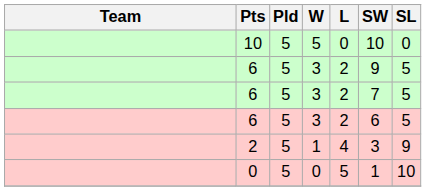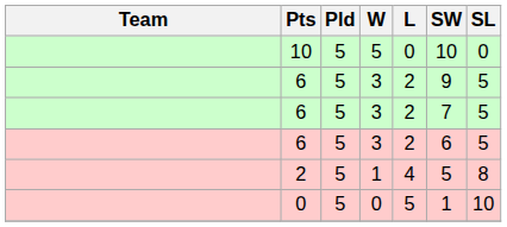 <table class=wikitable style="text-align:center">
 <tr>
 <th width=220>Team</th>
 <th width=20>Pts</th>
 <th width=20>Pld</th>
 <th width=20>W</th>
 <th width=20>L</th>
 <th width=20>SW</th>
 <th width=20>SL</th>
 </tr>
 <tr style="background:#cfc;">
 <td align=left></td>
 <td>10</td>
 <td>5</td>
 <td>5</td>
 <td>0</td>
 <td>10</td>
 <td>0</td>
 </tr>
 <tr style="background:#cfc;">
 <td align=left></td>
 <td>6</td>
 <td>5</td>
 <td>3</td>
 <td>2</td>
 <td>9</td>
 <td>5</td>
 </tr>
 <tr style="background:#cfc;">
 <td align=left></td>
 <td>6</td>
 <td>5</td>
 <td>3</td>
 <td>2</td>
 <td>7</td>
 <td>5</td>
 </tr>
 <tr style="background:#fcc;">
 <td align=left></td>
 <td>6</td>
 <td>5</td>
 <td>3</td>
 <td>2</td>
 <td>6</td>
 <td>5</td>
 </tr>
 <tr style="background:#fcc;">
 <td align=left></td>
 <td>2</td>
 <td>5</td>
 <td>1</td>
 <td>4</td>
-<td>3</td>
-<td>9</td>
+<td>5</td>
+<td>8</td>
 </tr>
 <tr style="background:#fcc;">
 <td align=left></td>
 <td>0</td>
 <td>5</td>
 <td>0</td>
 <td>5</td>
 <td>1</td>
 <td>10</td>
 </tr>
 <tr>
 </tr>
 </table>
